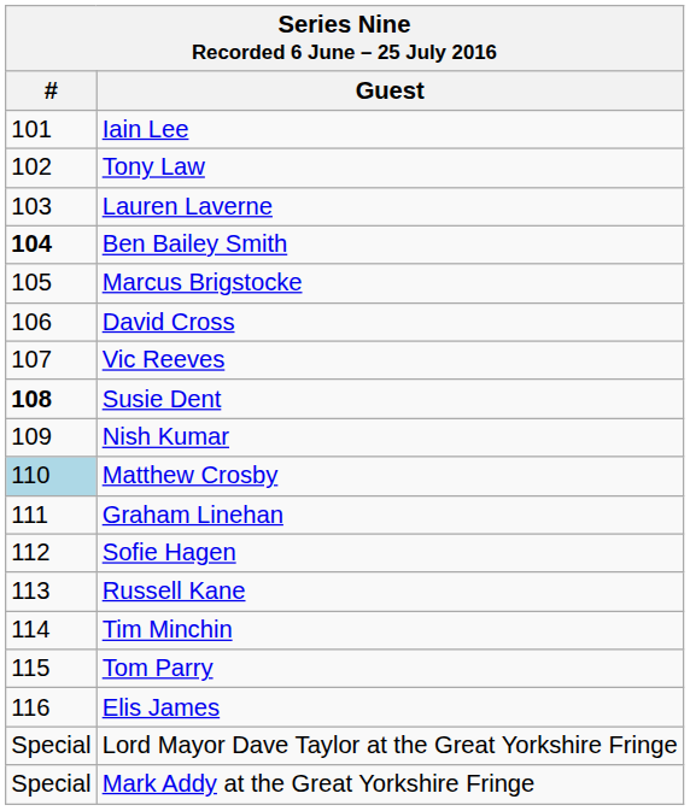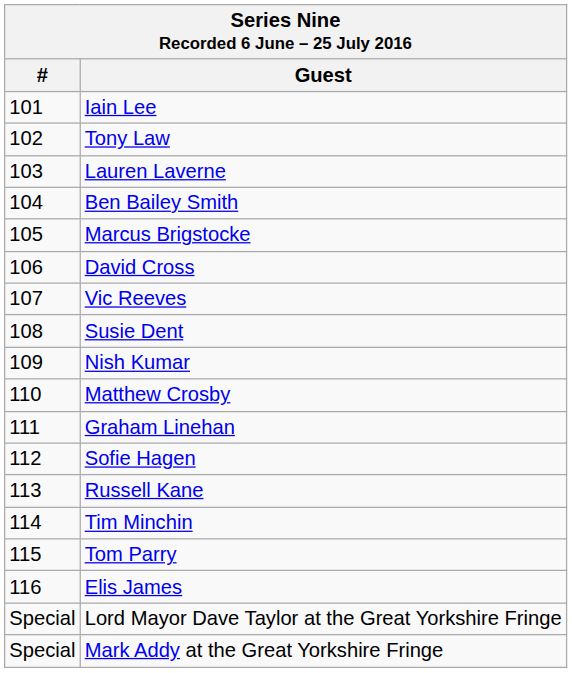 <table class="wikitable">
 <tr>
 <th colspan="3">Series Nine<br><small>Recorded 6 June – 25 July 2016</small></th>
 </tr>
 <tr>
 <th>#</th>
 <th>Guest</th>
 </tr>
 <tr>
 <td>101</td>
 <td><a href='#'>Iain Lee</a></td>
 </tr>
 <tr>
 <td>102</td>
 <td><a href='#'>Tony Law</a></td>
 </tr>
 <tr>
 <td>103</td>
 <td><a href='#'>Lauren Laverne</a></td>
 </tr>
 <tr>
-<td><strong>104</strong></td>
+<td>104</td>
 <td><a href='#'>Ben Bailey Smith</a></td>
 </tr>
 <tr>
 <td>105</td>
 <td><a href='#'>Marcus Brigstocke</a></td>
 </tr>
 <tr>
 <td>106</td>
 <td><a href='#'>David Cross</a></td>
 </tr>
 <tr>
 <td>107</td>
 <td><a href='#'>Vic Reeves</a></td>
 </tr>
 <tr>
-<td><strong>108</strong></td>
+<td>108</td>
 <td><a href='#'>Susie Dent</a></td>
 </tr>
 <tr>
 <td>109</td>
 <td><a href='#'>Nish Kumar</a></td>
 </tr>
 <tr>
-<td style="background: lightblue;">110</td>
+<td>110</td>
 <td><a href='#'>Matthew Crosby</a></td>
 </tr>
 <tr>
 <td>111</td>
 <td><a href='#'>Graham Linehan</a></td>
 </tr>
 <tr>
 <td>112</td>
 <td><a href='#'>Sofie Hagen</a></td>
 </tr>
 <tr>
 <td>113</td>
 <td><a href='#'>Russell Kane</a></td>
 </tr>
 <tr>
 <td>114</td>
 <td><a href='#'>Tim Minchin</a></td>
 </tr>
 <tr>
 <td>115</td>
 <td><a href='#'>Tom Parry</a></td>
 </tr>
 <tr>
 <td>116</td>
 <td><a href='#'>Elis James</a></td>
 </tr>
 <tr>
 <td>Special</td>
 <td>Lord Mayor Dave Taylor at the Great Yorkshire Fringe</td>
 </tr>
 <tr>
 <td>Special</td>
 <td><a href='#'>Mark Addy</a> at the Great Yorkshire Fringe</td>
 </tr>
 </table>
